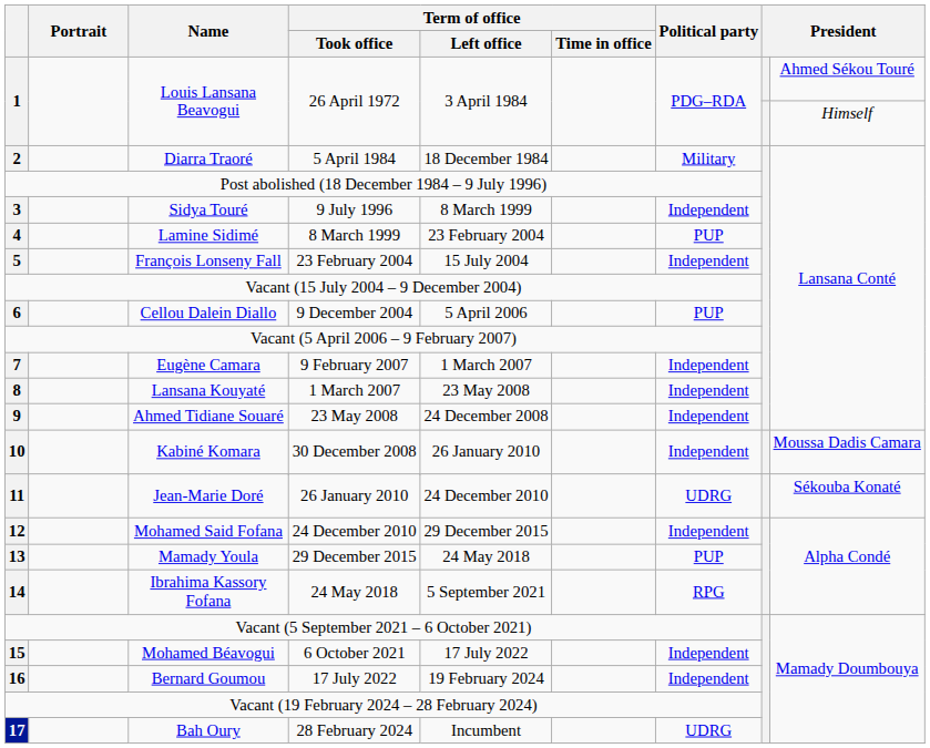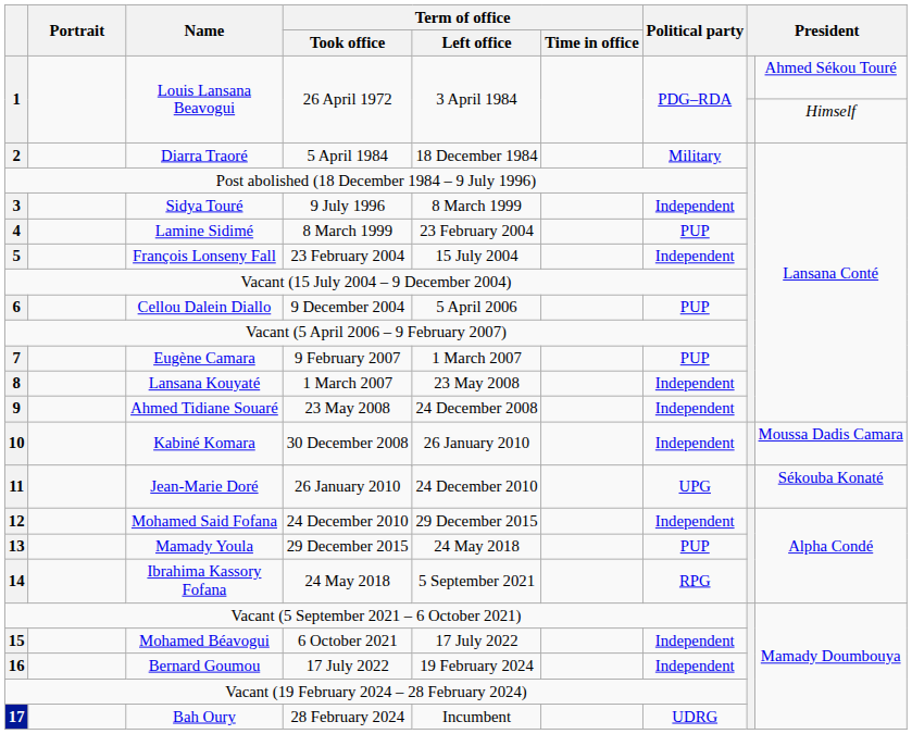 <table class="wikitable" style="text-align:center">
 <tr>
 <th rowspan="2"></th>
 <th rowspan="2" style="width:90px;">Portrait</th>
 <th rowspan="2" width="150">Name<br></th>
 <th colspan="3">Term of office</th>
 <th rowspan="2">Political party</th>
 <th rowspan="2" colspan="2">President<br></th>
 </tr>
 <tr>
 <th>Took office</th>
 <th>Left office</th>
 <th>Time in office</th>
 </tr>
 <tr>
 <th rowspan=2 style="background-color:">1</th>
 <td rowspan=2></td>
 <td rowspan=2><a href='#'>Louis Lansana Beavogui</a><br></td>
 <td rowspan=2>26 April 1972</td>
 <td rowspan=2>3 April 1984<br></td>
 <td rowspan=2></td>
 <td rowspan=2><a href='#'>PDG–RDA</a></td>
 <th style="background:"></th>
 <td><a href='#'>Ahmed Sékou Touré</a><br><br></td>
 </tr>
 <tr>
 <th style="background:"></th>
 <td><em>Himself</em><br><br></td>
 </tr>
 <tr>
 <th style="background-color:">2</th>
 <td></td>
 <td><a href='#'>Diarra Traoré</a><br></td>
 <td>5 April 1984</td>
 <td>18 December 1984</td>
 <td></td>
 <td><a href='#'>Military</a></td>
 <th rowspan="11" style="background:"></th>
 <td rowspan="11"><a href='#'>Lansana Conté</a><br><br></td>
 </tr>
 <tr>
 <td colspan="7">Post abolished (18 December 1984 – 9 July 1996)</td>
 </tr>
 <tr>
 <th style="background-color:">3</th>
 <td></td>
 <td><a href='#'>Sidya Touré</a><br></td>
 <td>9 July 1996</td>
 <td>8 March 1999</td>
 <td></td>
 <td><a href='#'>Independent</a></td>
 </tr>
 <tr>
 <th style="background-color:">4</th>
 <td></td>
 <td><a href='#'>Lamine Sidimé</a><br></td>
 <td>8 March 1999</td>
 <td>23 February 2004</td>
 <td></td>
 <td><a href='#'>PUP</a></td>
 </tr>
 <tr>
 <th style="background-color:">5</th>
 <td></td>
 <td><a href='#'>François Lonseny Fall</a><br></td>
 <td>23 February 2004</td>
 <td>15 July 2004</td>
 <td></td>
 <td><a href='#'>Independent</a></td>
 </tr>
 <tr>
 <td colspan="7">Vacant (15 July 2004 – 9 December 2004)</td>
 </tr>
 <tr>
 <th style="background-color:">6</th>
 <td></td>
 <td><a href='#'>Cellou Dalein Diallo</a><br></td>
 <td>9 December 2004</td>
 <td>5 April 2006</td>
 <td></td>
 <td><a href='#'>PUP</a></td>
 </tr>
 <tr>
 <td colspan="7">Vacant (5 April 2006 – 9 February 2007)</td>
 </tr>
 <tr>
 <th style="background-color:">7</th>
 <td></td>
 <td><a href='#'>Eugène Camara</a><br></td>
 <td>9 February 2007</td>
 <td>1 March 2007</td>
 <td></td>
-<td><a href='#'>Independent</a></td>
+<td><a href='#'>PUP</a></td>
 </tr>
 <tr>
 <th style="background-color:">8</th>
 <td></td>
 <td><a href='#'>Lansana Kouyaté</a><br></td>
 <td>1 March 2007</td>
 <td>23 May 2008</td>
 <td></td>
 <td><a href='#'>Independent</a></td>
 </tr>
 <tr>
 <th style="background-color:">9</th>
 <td></td>
 <td><a href='#'>Ahmed Tidiane Souaré</a><br></td>
 <td>23 May 2008</td>
 <td>24 December 2008<br></td>
 <td></td>
 <td><a href='#'>Independent</a></td>
 </tr>
 <tr>
 <th rowspan=2 style="background-color:">10</th>
 <td rowspan=2></td>
 <td rowspan=2><a href='#'>Kabiné Komara</a><br></td>
 <td rowspan=2>30 December 2008</td>
 <td rowspan=2>26 January 2010</td>
 <td rowspan=2></td>
 <td rowspan=2><a href='#'>Independent</a></td>
 <th style="background:"></th>
 <td><a href='#'>Moussa Dadis Camara</a><br><br></td>
 </tr>
 <tr>
 <th rowspan="2" style="background:"></th>
 <td rowspan="2"><a href='#'>Sékouba Konaté</a><br><br></td>
 </tr>
 <tr>
 <th style="background-color:">11</th>
 <td></td>
 <td><a href='#'>Jean-Marie Doré</a><br></td>
 <td>26 January 2010</td>
 <td>24 December 2010</td>
 <td></td>
-<td><a href='#'>UDRG</a></td>
+<td><a href='#'>UPG</a></td>
 </tr>
 <tr>
 <th style="background-color:">12</th>
 <td></td>
 <td><a href='#'>Mohamed Said Fofana</a><br></td>
 <td>24 December 2010</td>
 <td>29 December 2015</td>
 <td></td>
 <td><a href='#'>Independent</a></td>
 <th rowspan="3" style="background:"></th>
 <td rowspan="3"><a href='#'>Alpha Condé</a><br><br></td>
 </tr>
 <tr>
 <th style="background-color:">13</th>
 <td></td>
 <td><a href='#'>Mamady Youla</a><br></td>
 <td>29 December 2015</td>
 <td>24 May 2018</td>
 <td></td>
 <td><a href='#'>PUP</a></td>
 </tr>
 <tr>
 <th style="background-color:">14</th>
 <td></td>
 <td><a href='#'>Ibrahima Kassory Fofana</a><br></td>
 <td>24 May 2018</td>
 <td>5 September 2021<br></td>
 <td></td>
 <td><a href='#'>RPG</a></td>
 </tr>
 <tr>
 <td colspan="7">Vacant (5 September 2021 – 6 October 2021)</td>
 <th rowspan="5" style="background:"></th>
 <td rowspan="5"><a href='#'>Mamady Doumbouya</a><br><br></td>
 </tr>
 <tr>
 <th style="background-color:">15</th>
 <td></td>
 <td><a href='#'>Mohamed Béavogui</a><br></td>
 <td>6 October 2021</td>
 <td>17 July 2022</td>
 <td></td>
 <td><a href='#'>Independent</a></td>
 </tr>
 <tr>
 <th style="background-color:">16</th>
 <td></td>
 <td><a href='#'>Bernard Goumou</a><br></td>
 <td>17 July 2022</td>
 <td>19 February 2024</td>
 <td></td>
 <td><a href='#'>Independent</a></td>
 </tr>
 <tr>
 <td colspan="7">Vacant (19 February 2024 – 28 February 2024)</td>
 </tr>
 <tr>
 <th style="background-color:#011796; color:white;">17</th>
 <td></td>
 <td><a href='#'>Bah Oury</a><br></td>
 <td>28 February 2024</td>
 <td>Incumbent</td>
 <td></td>
 <td><a href='#'>UDRG</a></td>
 </tr>
 </table>
